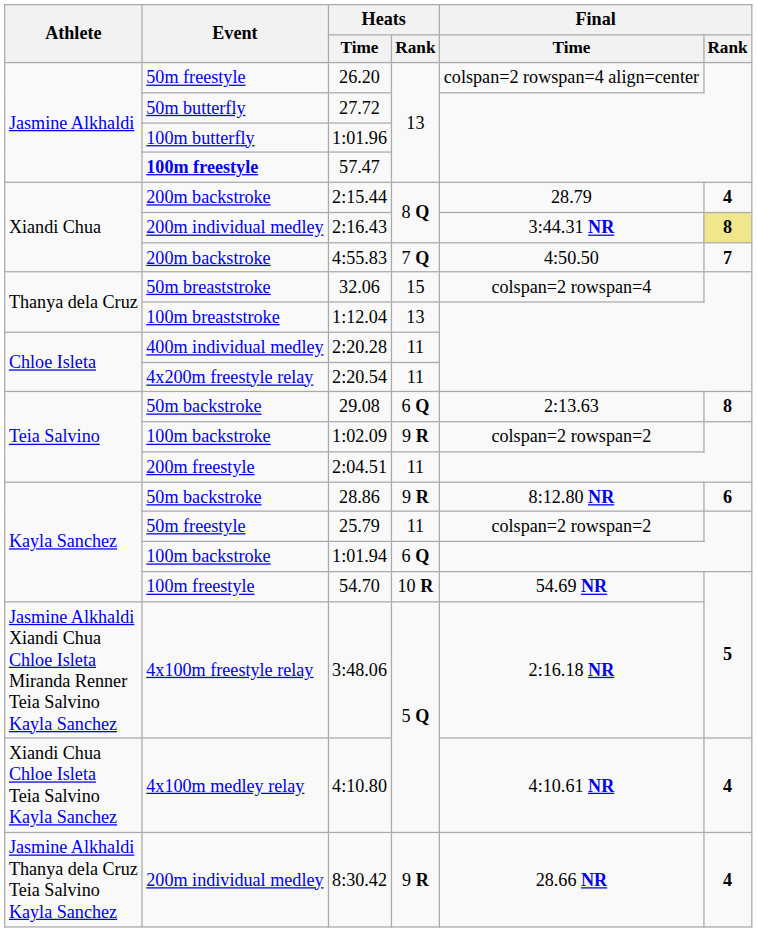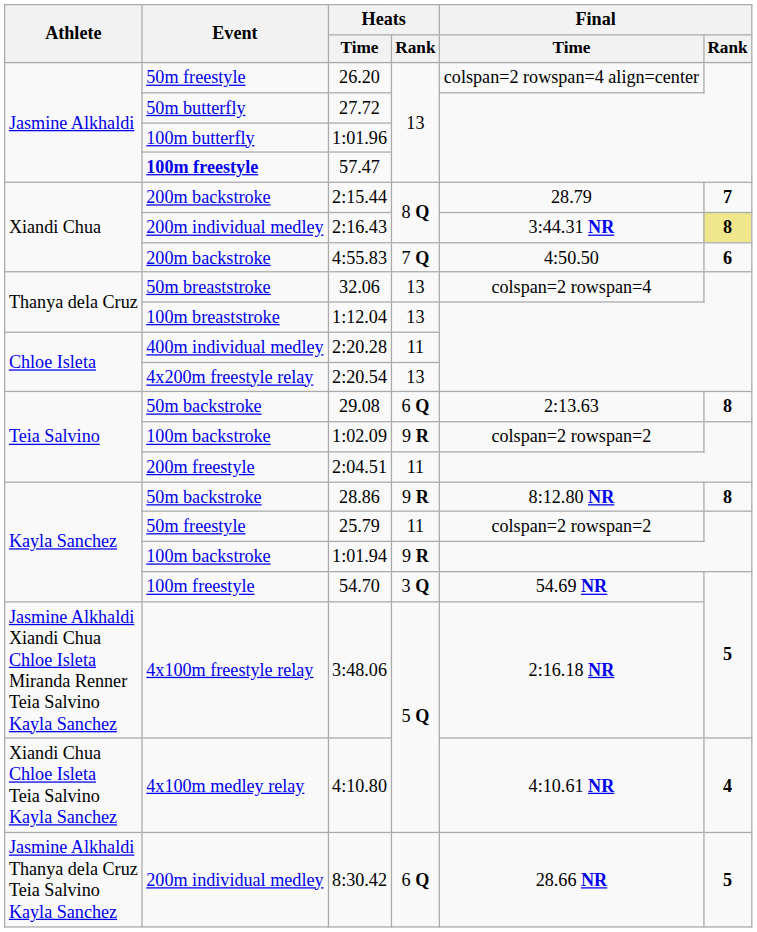 <table class="wikitable" style="font-size:90%">
 <tr>
 <th rowspan=2>Athlete</th>
 <th rowspan=2>Event</th>
 <th colspan=2>Heats</th>
 <th colspan=2>Final</th>
 </tr>
 <tr style="font-size:95%">
 <th>Time</th>
 <th>Rank</th>
 <th>Time</th>
 <th>Rank</th>
 </tr>
 <tr align=center>
 <td rowspan=4 align=left><a href='#'>Jasmine Alkhaldi</a></td>
 <td align=left><a href='#'>50m freestyle</a></td>
 <td>26.20</td>
 <td rowspan=4>13</td>
 <td>colspan=2 rowspan=4 align=center </td>
 </tr>
 <tr align=center>
 <td align=left><a href='#'>50m butterfly</a></td>
 <td>27.72</td>
 </tr>
 <tr align=center>
 <td align=left><a href='#'>100m butterfly</a></td>
 <td>1:01.96</td>
 </tr>
 <tr align=center>
 <td align=left><strong><a href='#'>100m freestyle</a></strong></td>
 <td>57.47</td>
 </tr>
 <tr align=center>
 <td rowspan=3 align=left>Xiandi Chua</td>
 <td align=left><a href='#'>200m backstroke</a></td>
 <td>2:15.44</td>
 <td rowspan=2>8 <strong>Q</strong></td>
 <td>28.79</td>
-<td><strong>4</strong></td>
+<td><strong>7</strong></td>
 </tr>
 <tr align=center>
 <td align=left><a href='#'>200m individual medley</a></td>
 <td>2:16.43</td>
 <td>3:44.31 <strong><a href='#'>NR</a></strong></td>
 <td style="background: khaki;"><strong>8</strong></td>
 </tr>
 <tr align=center>
 <td align=left><a href='#'>200m backstroke</a></td>
 <td>4:55.83</td>
 <td>7 <strong>Q</strong></td>
 <td>4:50.50</td>
-<td><strong>7</strong></td>
+<td><strong>6</strong></td>
 </tr>
 <tr align=center>
 <td rowspan=2 align=left>Thanya dela Cruz</td>
 <td align=left><a href='#'>50m breaststroke</a></td>
 <td align=center>32.06</td>
-<td>15</td>
+<td>13</td>
 <td>colspan=2 rowspan=4 </td>
 </tr>
 <tr align=center>
 <td align=left><a href='#'>100m breaststroke</a></td>
 <td>1:12.04</td>
 <td>13</td>
 </tr>
 <tr align=center>
 <td rowspan=2 align=left><a href='#'>Chloe Isleta</a></td>
 <td align=left><a href='#'>400m individual medley</a></td>
 <td>2:20.28</td>
 <td>11</td>
 </tr>
 <tr align=center>
 <td align=left><a href='#'>4x200m freestyle relay</a></td>
 <td>2:20.54</td>
-<td>11</td>
+<td>13</td>
 </tr>
 <tr align=center>
 <td rowspan=3 align=left><a href='#'>Teia Salvino</a></td>
 <td align=left><a href='#'>50m backstroke</a></td>
 <td>29.08</td>
 <td>6 <strong>Q</strong></td>
 <td>2:13.63</td>
 <td><strong>8</strong></td>
 </tr>
 <tr align=center>
 <td align=left><a href='#'>100m backstroke</a></td>
 <td>1:02.09</td>
 <td>9 <strong>R</strong></td>
 <td>colspan=2 rowspan=2 </td>
 </tr>
 <tr align=center>
 <td align=left><a href='#'>200m freestyle</a></td>
 <td>2:04.51</td>
 <td>11</td>
 </tr>
 <tr align=center>
 <td rowspan=4 align=left><a href='#'>Kayla Sanchez</a></td>
 <td align=left><a href='#'>50m backstroke</a></td>
 <td>28.86</td>
 <td>9 <strong>R</strong></td>
 <td>8:12.80 <strong><a href='#'>NR</a></strong></td>
-<td><strong>6</strong></td>
+<td><strong>8</strong></td>
 </tr>
 <tr align=center>
 <td align=left><a href='#'>50m freestyle</a></td>
 <td>25.79</td>
 <td>11</td>
 <td>colspan=2 rowspan=2 </td>
 </tr>
 <tr align=center>
 <td align=left><a href='#'>100m backstroke</a></td>
 <td>1:01.94</td>
-<td>6 <strong>Q</strong></td>
+<td>9 <strong>R</strong></td>
 </tr>
 <tr align=center>
 <td align=left><a href='#'>100m freestyle</a></td>
 <td>54.70</td>
-<td>10 <strong>R</strong></td>
+<td>3 <strong>Q</strong></td>
 <td>54.69 <strong><a href='#'>NR</a></strong></td>
 <td rowspan=2><strong>5</strong></td>
 </tr>
 <tr align=center>
 <td align=left><a href='#'>Jasmine Alkhaldi</a><br>Xiandi Chua<br><a href='#'>Chloe Isleta</a><br>Miranda Renner<br>Teia Salvino<br><a href='#'>Kayla Sanchez</a></td>
 <td align=left><a href='#'>4x100m freestyle relay</a></td>
 <td>3:48.06</td>
 <td rowspan=2>5 <strong>Q</strong></td>
 <td>2:16.18 <strong><a href='#'>NR</a></strong></td>
 </tr>
 <tr align=center>
 <td align=left>Xiandi Chua<br><a href='#'>Chloe Isleta</a><br>Teia Salvino<br><a href='#'>Kayla Sanchez</a></td>
 <td align=left><a href='#'>4x100m medley relay</a></td>
 <td>4:10.80</td>
 <td>4:10.61 <strong><a href='#'>NR</a></strong></td>
 <td><strong>4</strong></td>
 </tr>
 <tr align=center>
 <td align=left><a href='#'>Jasmine Alkhaldi</a><br>Thanya dela Cruz<br>Teia Salvino<br><a href='#'>Kayla Sanchez</a></td>
 <td align=left><a href='#'>200m individual medley</a></td>
 <td>8:30.42</td>
-<td>9 <strong>R</strong></td>
+<td>6 <strong>Q</strong></td>
 <td>28.66 <strong><a href='#'>NR</a></strong></td>
-<td><strong>4</strong></td>
+<td><strong>5</strong></td>
 </tr>
 </table>
